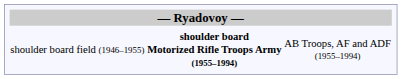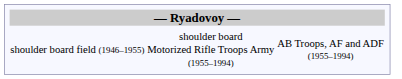 <table style="border:1px solid #8888aa; background-color:#f7f8ff; padding:5px; font-size:95%; margin: 12px 12px 12px 0px;">
 <tr bgcolor="#CCCCCC" align="center">
 <th colspan=5><big>— Ryadovoy —</big></th>
 </tr>
 <tr align="center">
 <td></td>
 <td></td>
 <td></td>
 </tr>
 <tr align="center">
 <td>shoulder board field <small>(1946–1955)</small></td>
-<td><strong>shoulder board <br>Motorized Rifle Troops Army<br><small>(1955–1994)</small></strong></td>
+<td>shoulder board <br>Motorized Rifle Troops Army<br><small>(1955–1994)</small></td>
 <td>AB Troops, AF and ADF<br> <small>(1955–1994)</small></td>
 </tr>
 </table>
